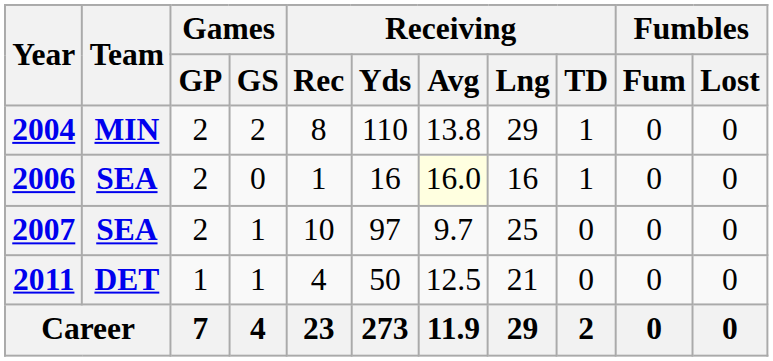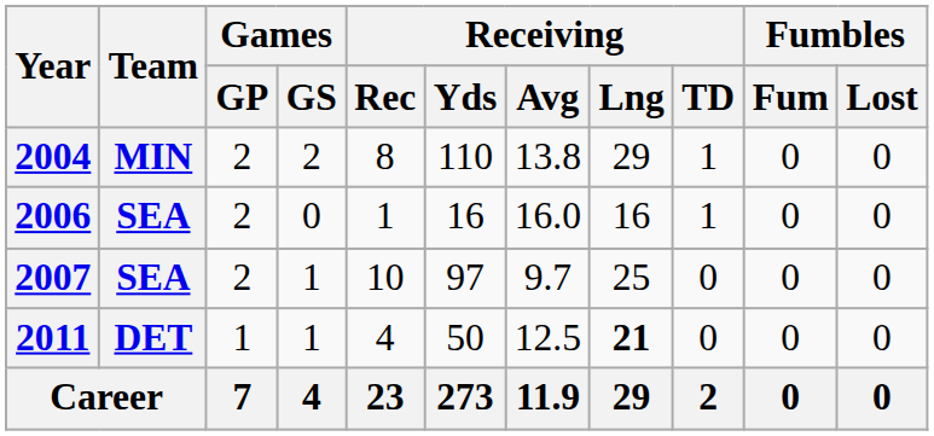 <table class="wikitable" style="text-align:center;">
 <tr>
 <th rowspan="2">Year</th>
 <th rowspan="2">Team</th>
 <th colspan="2">Games</th>
 <th colspan="5">Receiving</th>
 <th colspan="2">Fumbles</th>
 </tr>
 <tr>
 <th>GP</th>
 <th>GS</th>
 <th>Rec</th>
 <th>Yds</th>
 <th>Avg</th>
 <th>Lng</th>
 <th>TD</th>
 <th>Fum</th>
 <th>Lost</th>
 </tr>
 <tr>
 <th><a href='#'>2004</a></th>
 <th><a href='#'>MIN</a></th>
 <td>2</td>
 <td>2</td>
 <td>8</td>
 <td>110</td>
 <td>13.8</td>
 <td>29</td>
 <td>1</td>
 <td>0</td>
 <td>0</td>
 </tr>
 <tr>
 <th><a href='#'>2006</a></th>
 <th><a href='#'>SEA</a></th>
 <td>2</td>
 <td>0</td>
 <td>1</td>
 <td>16</td>
-<td style="background: lightyellow;">16.0</td>
+<td>16.0</td>
 <td>16</td>
 <td>1</td>
 <td>0</td>
 <td>0</td>
 </tr>
 <tr>
 <th><a href='#'>2007</a></th>
 <th><a href='#'>SEA</a></th>
 <td>2</td>
 <td>1</td>
 <td>10</td>
 <td>97</td>
 <td>9.7</td>
 <td>25</td>
 <td>0</td>
 <td>0</td>
 <td>0</td>
 </tr>
 <tr>
 <th><a href='#'>2011</a></th>
 <th><a href='#'>DET</a></th>
 <td>1</td>
 <td>1</td>
 <td>4</td>
 <td>50</td>
 <td>12.5</td>
-<td>21</td>
+<td><strong>21</strong></td>
 <td>0</td>
 <td>0</td>
 <td>0</td>
 </tr>
 <tr>
 <th colspan="2">Career</th>
 <th>7</th>
 <th>4</th>
 <th>23</th>
 <th>273</th>
 <th>11.9</th>
 <th>29</th>
 <th>2</th>
 <th>0</th>
 <th>0</th>
 </tr>
 </table>
